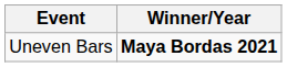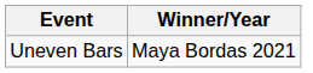 <table class="wikitable">
 <tr>
 <th>Event</th>
 <th>Winner/Year</th>
 </tr>
 <tr>
 <td>Uneven Bars</td>
-<td><strong>Maya Bordas 2021</strong></td>
+<td>Maya Bordas 2021</td>
 </tr>
 </table>
